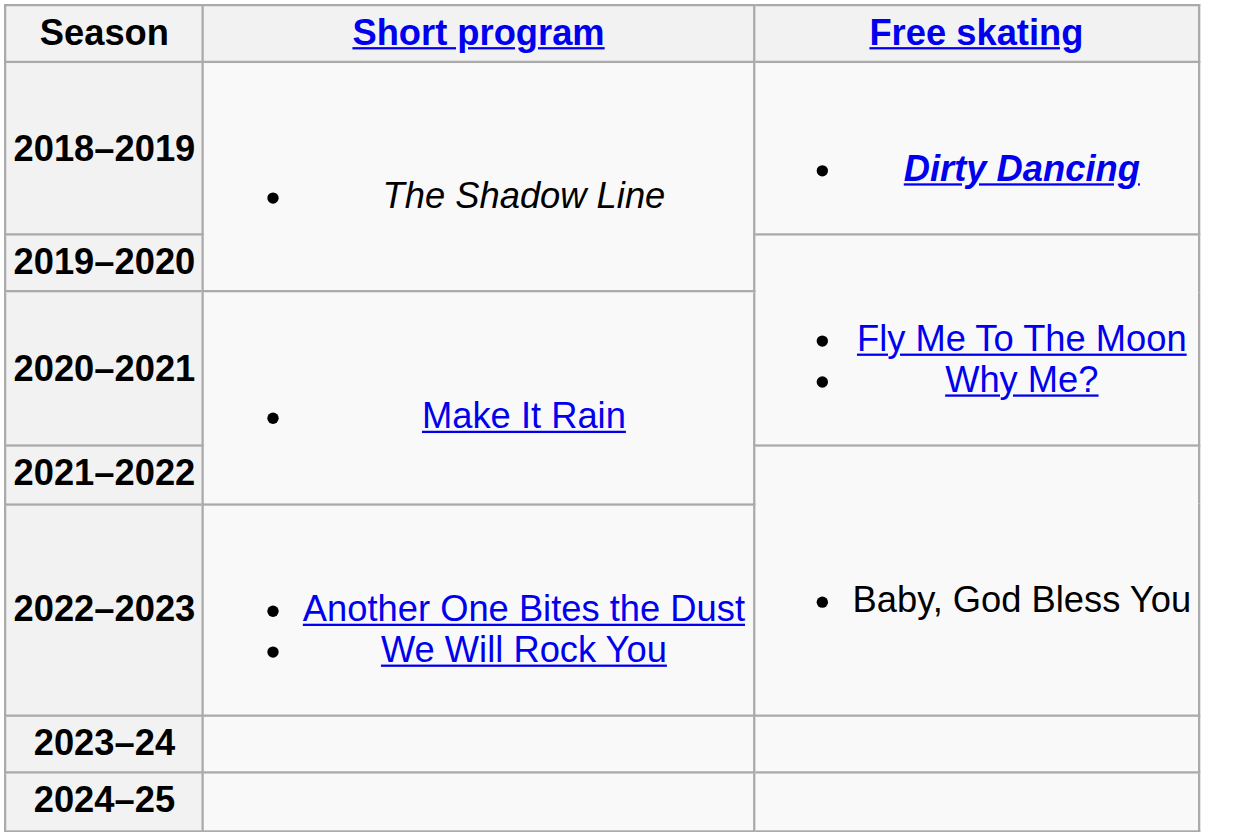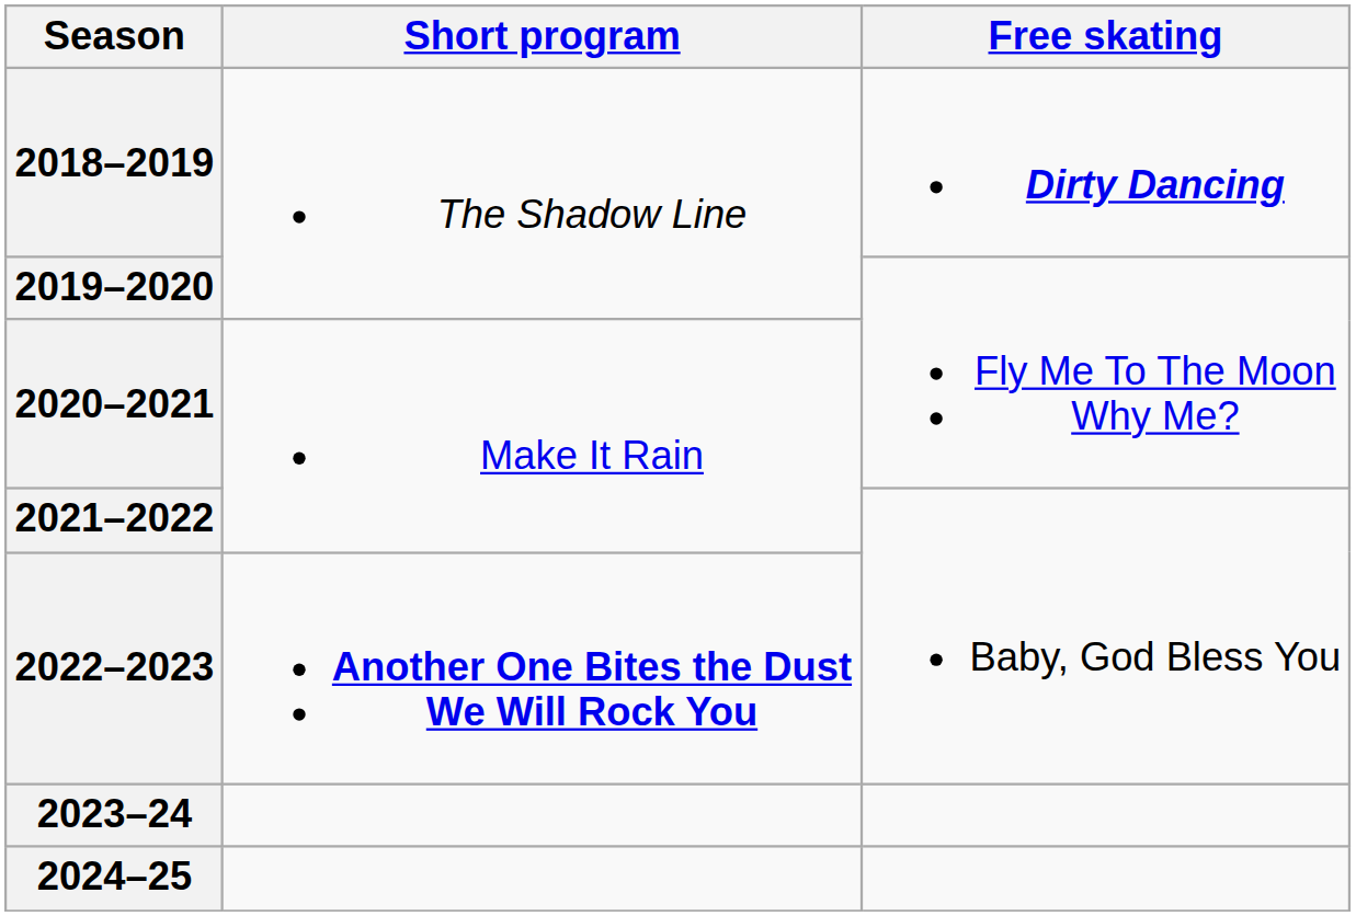 <table class=wikitable style=text-align:center>
 <tr>
 <th>Season</th>
 <th><a href='#'>Short program</a></th>
 <th><a href='#'>Free skating</a></th>
 </tr>
 <tr>
 <th>2018–2019 <br> </th>
 <td rowspan="2"><br><ul><li><em>The Shadow Line</em><br> </li></ul></td>
 <td><strong><br><ul><li><em><a href='#'>Dirty Dancing</a></em><br></li></ul></strong></td>
 </tr>
 <tr>
 <th>2019–2020 <br> </th>
 <td rowspan="2"><br><ul><li><a href='#'>Fly Me To The Moon</a> <br> </li><li><a href='#'>Why Me?</a> <br></li></ul></td>
 </tr>
 <tr>
 <th>2020–2021 <br> </th>
 <td rowspan="2"><br><ul><li><a href='#'>Make It Rain</a><br> </li></ul></td>
 </tr>
 <tr>
 <th>2021–2022 <br> </th>
 <td rowspan="2"><br><ul><li>Baby, God Bless You <br> </li></ul></td>
 </tr>
 <tr>
 <th>2022–2023 <br> </th>
-<td><br><ul><li><a href='#'>Another One Bites the Dust</a></li><li><a href='#'>We Will Rock You</a> <br> </li></ul></td>
+<td><strong><br><ul><li><a href='#'>Another One Bites the Dust</a></li><li><a href='#'>We Will Rock You</a> <br> </li></ul></strong></td>
 </tr>
 <tr>
 <th>2023–24</th>
 <td></td>
 <td></td>
 </tr>
 <tr>
 <th>2024–25</th>
 <td></td>
 <td></td>
 </tr>
 </table>
